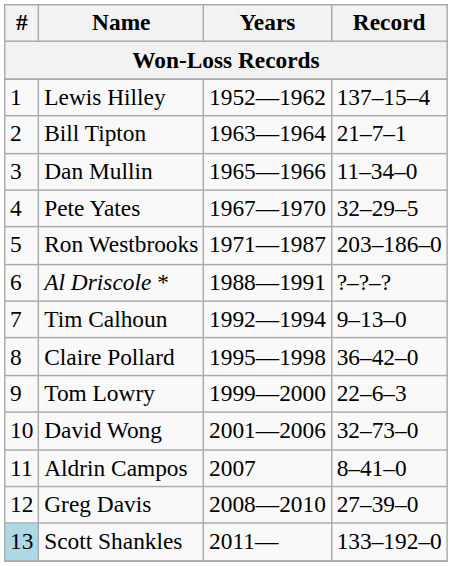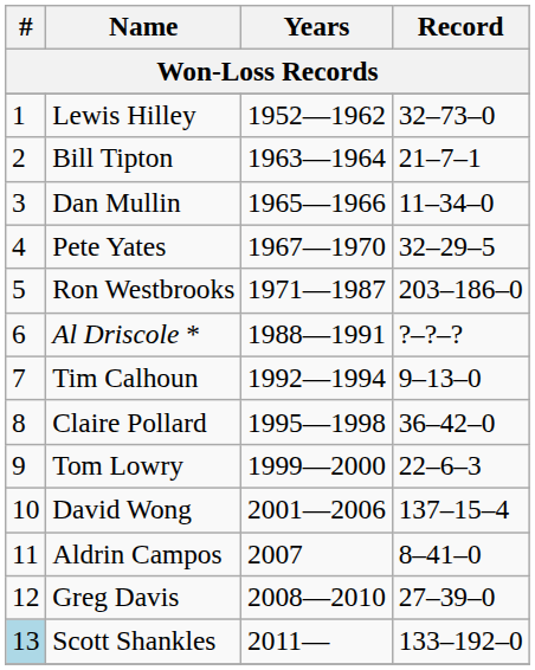 <table class="wikitable">
 <tr>
 <th>#</th>
 <th>Name</th>
 <th>Years</th>
 <th>Record</th>
 </tr>
 <tr>
 <th colspan=4>Won-Loss Records</th>
 </tr>
 <tr>
 </tr>
 <tr>
 <td>1</td>
 <td>Lewis Hilley</td>
 <td>1952—1962</td>
-<td>137–15–4</td>
+<td>32–73–0</td>
 </tr>
 <tr>
 <td>2</td>
 <td>Bill Tipton</td>
 <td>1963—1964</td>
 <td>21–7–1</td>
 </tr>
 <tr>
 <td>3</td>
 <td>Dan Mullin</td>
 <td>1965—1966</td>
 <td>11–34–0</td>
 </tr>
 <tr>
 <td>4</td>
 <td>Pete Yates</td>
 <td>1967—1970</td>
 <td>32–29–5</td>
 </tr>
 <tr>
 <td>5</td>
 <td>Ron Westbrooks</td>
 <td>1971—1987</td>
 <td>203–186–0</td>
 </tr>
 <tr>
 <td>6</td>
 <td><em>Al Driscole</em> *</td>
 <td>1988—1991</td>
 <td>?–?–?</td>
 </tr>
 <tr>
 <td>7</td>
 <td>Tim Calhoun</td>
 <td>1992—1994</td>
 <td>9–13–0</td>
 </tr>
 <tr>
 <td>8</td>
 <td>Claire Pollard</td>
 <td>1995—1998</td>
 <td>36–42–0</td>
 </tr>
 <tr>
 <td>9</td>
 <td>Tom Lowry</td>
 <td>1999—2000</td>
 <td>22–6–3</td>
 </tr>
 <tr>
 <td>10</td>
 <td>David Wong</td>
 <td>2001—2006</td>
-<td>32–73–0</td>
+<td>137–15–4</td>
 </tr>
 <tr>
 <td>11</td>
 <td>Aldrin Campos</td>
 <td>2007</td>
 <td>8–41–0</td>
 </tr>
 <tr>
 <td>12</td>
 <td>Greg Davis</td>
 <td>2008—2010</td>
 <td>27–39–0</td>
 </tr>
 <tr>
 <td style="background: lightblue;">13</td>
 <td>Scott Shankles</td>
 <td>2011—</td>
 <td>133–192–0</td>
 </tr>
 <tr>
 </tr>
 </table>
